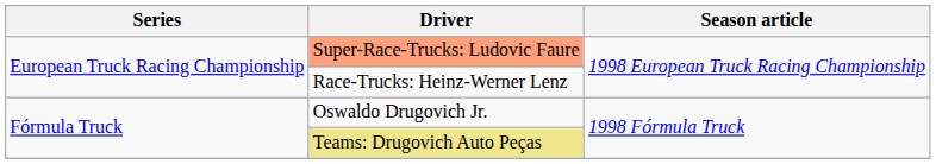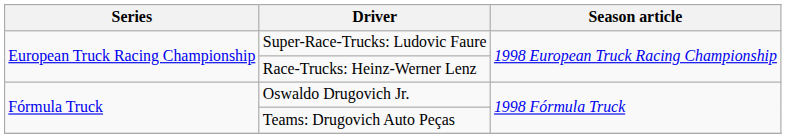 <table class="wikitable" style="font-size: 87%;">
 <tr>
 <th>Series</th>
 <th>Driver</th>
 <th>Season article</th>
 </tr>
 <tr>
 <td rowspan=2><a href='#'>European Truck Racing Championship</a></td>
-<td style="background: lightsalmon;">Super-Race-Trucks:  Ludovic Faure</td>
+<td>Super-Race-Trucks:  Ludovic Faure</td>
 <td rowspan=2><em><a href='#'>1998 European Truck Racing Championship</a></em></td>
 </tr>
 <tr>
 <td>Race-Trucks:  Heinz-Werner Lenz</td>
 </tr>
 <tr>
 <td rowspan=2><a href='#'>Fórmula Truck</a></td>
 <td> Oswaldo Drugovich Jr.</td>
 <td rowspan=2><em><a href='#'>1998 Fórmula Truck</a></em></td>
 </tr>
 <tr>
-<td style="background: khaki;">Teams:  Drugovich Auto Peças</td>
+<td>Teams:  Drugovich Auto Peças</td>
 </tr>
 <tr>
 </tr>
 </table>
